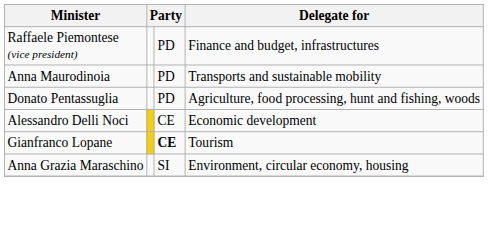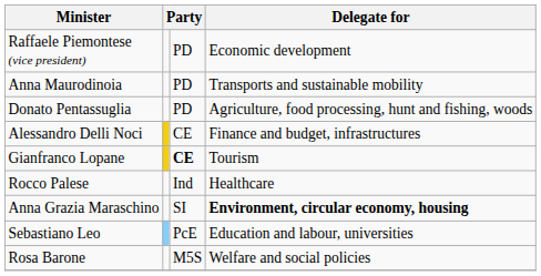 <table class="wikitable" style="font-size:95%;">
 <tr>
 <th>Minister</th>
 <th colspan="2">Party</th>
 <th>Delegate for</th>
 </tr>
 <tr>
 <td>Raffaele Piemontese<br><small><em>(vice president)</em></small></td>
 <td style="background:"></td>
 <td>PD</td>
-<td>Finance and budget, infrastructures</td>
+<td>Economic development</td>
 </tr>
 <tr>
 <td>Anna Maurodinoia</td>
 <td style="background:"></td>
 <td>PD</td>
 <td>Transports and sustainable mobility</td>
 </tr>
 <tr>
 <td>Donato Pentassuglia</td>
 <td style="background:"></td>
 <td>PD</td>
 <td>Agriculture, food processing, hunt and fishing, woods</td>
 </tr>
 <tr>
 <td>Alessandro Delli Noci</td>
 <td style="background:#F4CE13;"></td>
 <td>CE</td>
-<td>Economic development</td>
+<td>Finance and budget, infrastructures</td>
 </tr>
 <tr>
 <td>Gianfranco Lopane</td>
 <td style="background:#F4CE13;"></td>
 <td><strong>CE</strong></td>
 <td>Tourism</td>
 </tr>
 <tr>
+<td>Rocco Palese</td>
+<td style="background:"></td>
+<td>Ind</td>
+<td>Healthcare</td>
+</tr>
+<tr>
 <td>Anna Grazia Maraschino</td>
 <td style="background:"></td>
 <td>SI</td>
-<td>Environment, circular economy, housing</td>
+<td><strong>Environment, circular economy, housing</strong></td>
+</tr>
+<tr>
+<td>Sebastiano Leo</td>
+<td style="background:#87CEFA;"></td>
+<td>PcE</td>
+<td>Education and labour, universities</td>
+</tr>
+<tr>
+<td>Rosa Barone</td>
+<td style="background:"></td>
+<td>M5S</td>
+<td>Welfare and social policies</td>
 </tr>
 <tr>
 </tr>
 </table>
